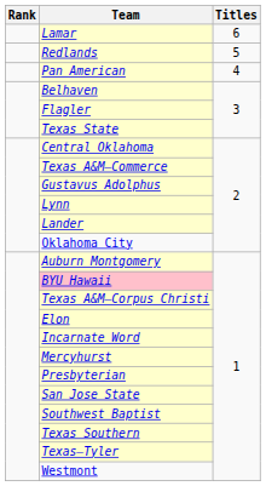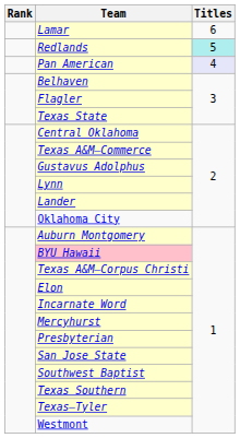 <table class="wikitable sortable" style="text-align:center">
 <tr>
 <th>Rank</th>
 <th>Team</th>
 <th>Titles</th>
 </tr>
 <tr>
 <td></td>
 <td align=left bgcolor=#ffffcc><em><a href='#'>Lamar</a></em></td>
 <td>6</td>
 </tr>
 <tr>
 <td></td>
 <td align=left bgcolor=#ffffcc><em><a href='#'>Redlands</a></em></td>
-<td>5</td>
+<td style="background: paleturquoise;">5</td>
 </tr>
 <tr>
 <td></td>
 <td align=left bgcolor=#ffffcc><em><a href='#'>Pan American</a></em></td>
-<td>4</td>
+<td style="background: lavender;">4</td>
 </tr>
 <tr>
 <td rowspan=3></td>
 <td align=left bgcolor=#ffffcc><em><a href='#'>Belhaven</a></em></td>
 <td rowspan=3>3</td>
 </tr>
 <tr>
 <td align=left bgcolor=#ffffcc><em><a href='#'>Flagler</a></em></td>
 </tr>
 <tr>
 <td align=left bgcolor=#ffffcc><em><a href='#'>Texas State</a></em></td>
 </tr>
 <tr>
 <td rowspan=6></td>
 <td align=left bgcolor=#ffffcc><em><a href='#'>Central Oklahoma</a></em></td>
 <td rowspan=6>2</td>
 </tr>
 <tr>
 <td align=left bgcolor=#ffffcc><em><a href='#'>Texas A&M–Commerce</a></em></td>
 </tr>
 <tr>
 <td align=left bgcolor=#ffffcc><em><a href='#'>Gustavus Adolphus</a></em></td>
 </tr>
 <tr>
 <td align=left bgcolor=#ffffcc><em><a href='#'>Lynn</a></em></td>
 </tr>
 <tr>
 <td align=left bgcolor=#ffffcc><em><a href='#'>Lander</a></em></td>
 </tr>
 <tr>
 <td align=left><a href='#'>Oklahoma City</a></td>
 </tr>
 <tr>
 <td rowspan=12></td>
 <td align=left bgcolor=#ffffcc><em><a href='#'>Auburn Montgomery</a></em></td>
 <td rowspan=12>1</td>
 </tr>
 <tr>
 <td align=left bgcolor=pink><em><a href='#'>BYU Hawaii</a></em></td>
 </tr>
 <tr>
 <td align=left bgcolor=#ffffcc><em><a href='#'>Texas A&M–Corpus Christi</a></em></td>
 </tr>
 <tr>
 <td align=left bgcolor=#ffffcc><em><a href='#'>Elon</a></em></td>
 </tr>
 <tr>
 <td align=left bgcolor=#ffffcc><em><a href='#'>Incarnate Word</a></em></td>
 </tr>
 <tr>
 <td align=left bgcolor=#ffffcc><em><a href='#'>Mercyhurst</a></em></td>
 </tr>
 <tr>
 <td align=left bgcolor=#ffffcc><em><a href='#'>Presbyterian</a></em></td>
 </tr>
 <tr>
 <td align=left bgcolor=#ffffcc><em><a href='#'>San Jose State</a></em></td>
 </tr>
 <tr>
 <td align=left bgcolor=#ffffcc><em><a href='#'>Southwest Baptist</a></em></td>
 </tr>
 <tr>
 <td align=left bgcolor=#ffffcc><em><a href='#'>Texas Southern</a></em></td>
 </tr>
 <tr>
 <td align=left bgcolor=#ffffcc><em><a href='#'>Texas–Tyler</a></em></td>
 </tr>
 <tr>
 <td align=left><a href='#'>Westmont</a></td>
 </tr>
 </table>
